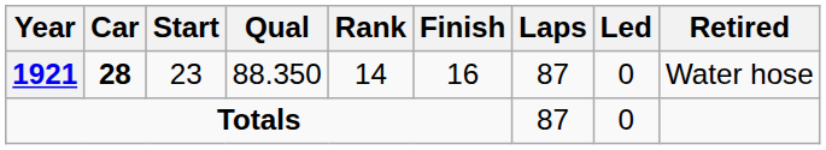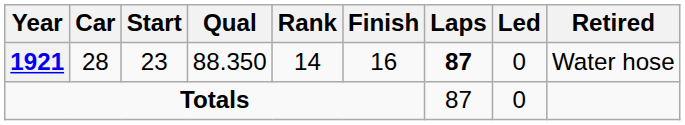 <table class="wikitable" style="text-align:center">
 <tr>
 <th>Year</th>
 <th>Car</th>
 <th>Start</th>
 <th>Qual</th>
 <th>Rank</th>
 <th>Finish</th>
 <th>Laps</th>
 <th>Led</th>
 <th>Retired</th>
 </tr>
 <tr>
 <th><a href='#'>1921</a></th>
-<td><strong>28</strong></td>
+<td>28</td>
 <td>23</td>
 <td>88.350</td>
 <td>14</td>
 <td>16</td>
-<td>87</td>
+<td><strong>87</strong></td>
 <td>0</td>
 <td>Water hose</td>
 </tr>
 <tr>
 <td colspan=6><strong>Totals</strong></td>
 <td>87</td>
 <td>0</td>
 <td></td>
 </tr>
 </table>
